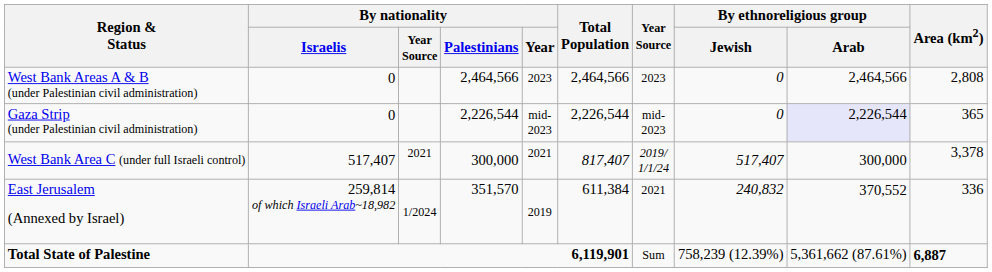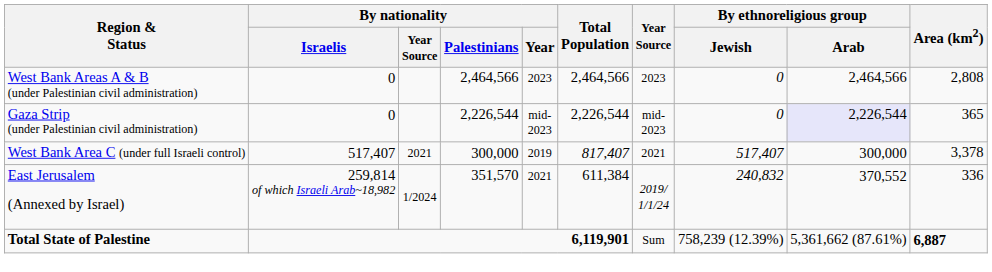 <table class="wikitable sortable sort-under">
 <tr>
 <th rowspan="2">Region &<br>Status</th>
 <th colspan="4">By nationality</th>
 <th rowspan="2">Total<br>Population</th>
 <th rowspan="2" style="backgroundcolor:gray;"><small>Year<br>Source</small></th>
 <th colspan="2">By ethnoreligious group</th>
 <th rowspan="2">Area (km<sup>2</sup>)</th>
 </tr>
 <tr>
 <th scope="col"><a href='#'>Israelis</a></th>
 <th scope="col" style="backgroundcolor:gray;"><small>Year<br>Source</small></th>
 <th scope="col"><a href='#'>Palestinians</a></th>
 <th scope="col">Year</th>
 <th scope="col">Jewish</th>
 <th scope="col">Arab</th>
 </tr>
 <tr>
 <td style="vertical-align:top;line-height:100%;"><a href='#'>West Bank Areas A & B</a><br><small>(under Palestinian civil administration)</small></td>
 <td style="vertical-align:top;text-align:right;">0</td>
 <td style="vertical-align:top;text-align:center;backgroundcolor:gray;"></td>
 <td style="vertical-align:top;text-align:right;line-height:100%;">2,464,566</td>
 <td style="vertical-align:top;text-align:center;backgroundcolor:gray;line-height:100%"><small>2023<br></small></td>
 <td style="vertical-align:top;text-align:right;line-height:100%;">2,464,566</td>
 <td style="vertical-align:top;text-align:center;backgroundcolor:gray;line-height:100%"><small>2023<br></small></td>
 <td style="vertical-align:top;text-align:right;line-height:100%;"><em>0</em></td>
 <td style="vertical-align:top;text-align:right;line-height:100%;">2,464,566</td>
 <td style="vertical-align:top;text-align:right;line-height:100%;">2,808<br></td>
 </tr>
 <tr>
 <td style="vertical-align:top;line-height:100%;"><a href='#'>Gaza Strip</a><br><small>(under Palestinian civil administration)</small></td>
 <td style="vertical-align:top;text-align:right;">0</td>
 <td style="vertical-align:top;text-align:center;backgroundcolor:gray;"></td>
 <td style="vertical-align:top;text-align:right;line-height:100%;">2,226,544</td>
 <td style="vertical-align:top;text-align:center;backgroundcolor:gray;line-height:100%"><small>mid-<br>2023<br></small></td>
 <td style="vertical-align:top;text-align:right;line-height:100%;">2,226,544</td>
 <td style="vertical-align:top;text-align:center;backgroundcolor:gray;line-height:100%"><small>mid-<br>2023<br></small></td>
 <td style="vertical-align:top;text-align:right;line-height:100%;"><em>0</em></td>
 <td style="background: lavender; vertical-align:top;text-align:right;line-height:100%;">2,226,544</td>
 <td style="vertical-align:top;text-align:right;line-height:100%;">365</td>
 </tr>
 <tr>
 <td style="vertical-align:middle;line-height:100%;"><a href='#'>West Bank Area C</a> <small>(under full Israeli control)</small></td>
 <td style="vertical-align:middle;text-align:right;backgroundcolor:gray;line-height:100%;">517,407</td>
 <td style="vertical-align:top;text-align:center;backgroundcolor:gray;line-height:100%"><small>2021<br></small></td>
 <td style="vertical-align:middle;text-align:right;line-height:100%;">300,000</td>
-<td style="vertical-align:top;text-align:center;backgroundcolor:gray;line-height:100%"><small>2021<br></small></td>
+<td style="vertical-align:middle;text-align:center;backgroundcolor:gray;line-height:100%"><small>2019<br></small></td>
 <td style="vertical-align:middle;text-align:right;"><em>817,407</em></td>
-<td style="vertical-align:middle;text-align:center;backgroundcolor:gray;line-height:100%;"><small><em>2019/<br>1/1/24</em><br></small></td>
+<td style="vertical-align:top;text-align:center;backgroundcolor:gray;line-height:100%;"><small>2021<br></small></td>
 <td style="vertical-align:middle;text-align:right;backgroundcolor:gray;line-height:100%;"><em>517,407</em></td>
 <td style="vertical-align:middle;text-align:right;line-height:100%;">300,000</td>
 <td style="vertical-align:top;text-align:right;line-height:100%;">3,378 <br></td>
 </tr>
 <tr>
 <td style="vertical-align:top;line-height:100%;"><a href='#'>East Jerusalem</a><br><p>(Annexed by Israel)<br></p></td>
 <td style="vertical-align:top;text-align:right;backgroundcolor:gray;line-height:100%;">259,814<br><small><em>of which <a href='#'>Israeli Arab</a>~18,982</em></small></td>
 <td style="vertical-align:middle;text-align:center;backgroundcolor:gray;line-height:100%"><small>1/2024<br></small></td>
 <td style="vertical-align:top;text-align:right;backgroundcolor:gray;line-height:100%;">351,570</td>
-<td style="vertical-align:middle;text-align:center;backgroundcolor:gray;line-height:100%"><small>2019<br></small></td>
+<td style="vertical-align:top;text-align:center;backgroundcolor:gray;line-height:100%"><small>2021<br></small></td>
 <td style="vertical-align:top;text-align:right;backgroundcolor:gray;line-height:100%">611,384</td>
-<td style="vertical-align:top;text-align:center;backgroundcolor:gray;line-height:100%;"><small>2021<br></small></td>
+<td style="vertical-align:middle;text-align:center;backgroundcolor:gray;line-height:100%;"><small><em>2019/<br>1/1/24</em><br></small></td>
 <td style="vertical-align:top;text-align:right;backgroundcolor:gray;line-height:100%;"><em>240,832</em></td>
 <td style="vertical-align:top;text-align:right;backgroundcolor:gray;">370,552</td>
 <td style="vertical-align:top;text-align:right;backgroundcolor:gray;line-height:100%;">336<br></td>
 </tr>
 <tr>
 <td style="vertical-align:top;text-align:left;line-height:100%;"><strong>Total State of Palestine</strong></td>
 <td colspan="5" style="vertical-align:top;text-align:right;line-height:100%;"><strong>6,119,901</strong></td>
 <td style="vertical-align:top;text-align:center;backgroundcolor:gray;line-height:100%;"><small>Sum</small></td>
 <td style="vertical-align:top;text-align:right;line-height:100%;">758,239 (12.39%)</td>
 <td style="vertical-align:top;text-align:right;line-height:100%;">5,361,662 (87.61%)</td>
 <td style="vertical-align:top;align:right;"><strong>6,887</strong></td>
 </tr>
 </table>
